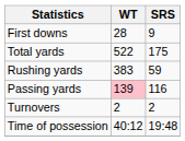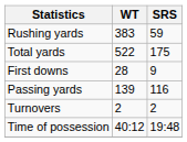 <table class="wikitable" style="float: left;">
 <tr>
 <th>Statistics</th>
 <th>WT</th>
 <th>SRS</th>
 </tr>
 <tr>
-<td>First downs</td>
-<td>28</td>
-<td>9</td>
+<td>Rushing yards</td>
+<td>383</td>
+<td>59</td>
 </tr>
 <tr>
 <td>Total yards</td>
 <td>522</td>
 <td>175</td>
 </tr>
 <tr>
-<td>Rushing yards</td>
-<td>383</td>
-<td>59</td>
+<td>First downs</td>
+<td>28</td>
+<td>9</td>
 </tr>
 <tr>
 <td>Passing yards</td>
-<td style="background: pink;">139</td>
+<td>139</td>
 <td>116</td>
 </tr>
 <tr>
 <td>Turnovers</td>
 <td>2</td>
 <td>2</td>
 </tr>
 <tr>
 <td>Time of possession</td>
 <td>40:12</td>
 <td>19:48</td>
 </tr>
 <tr>
 </tr>
 </table>
